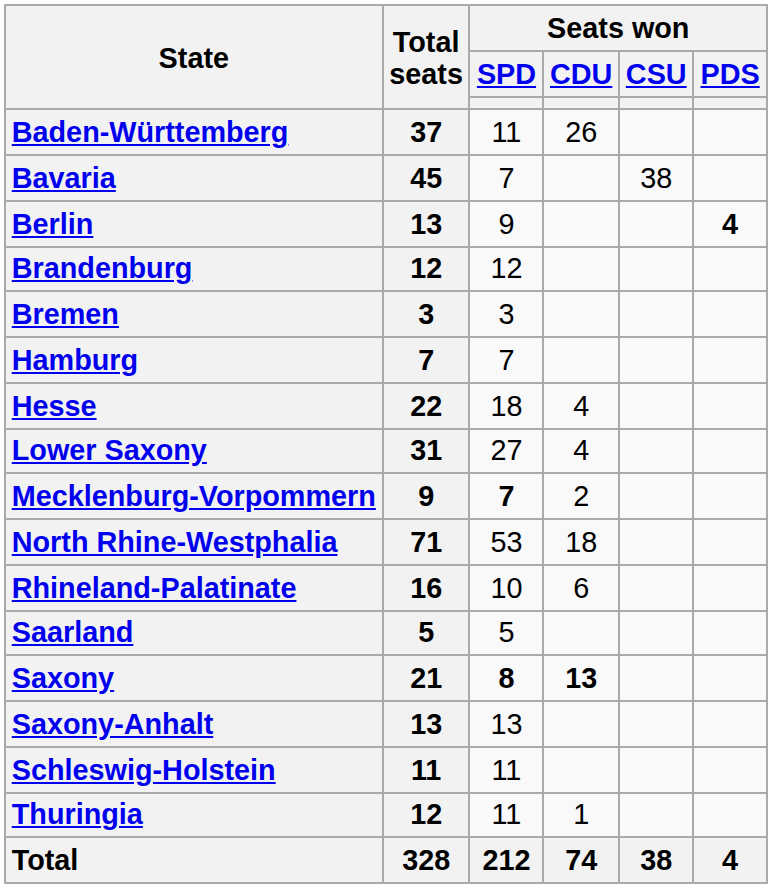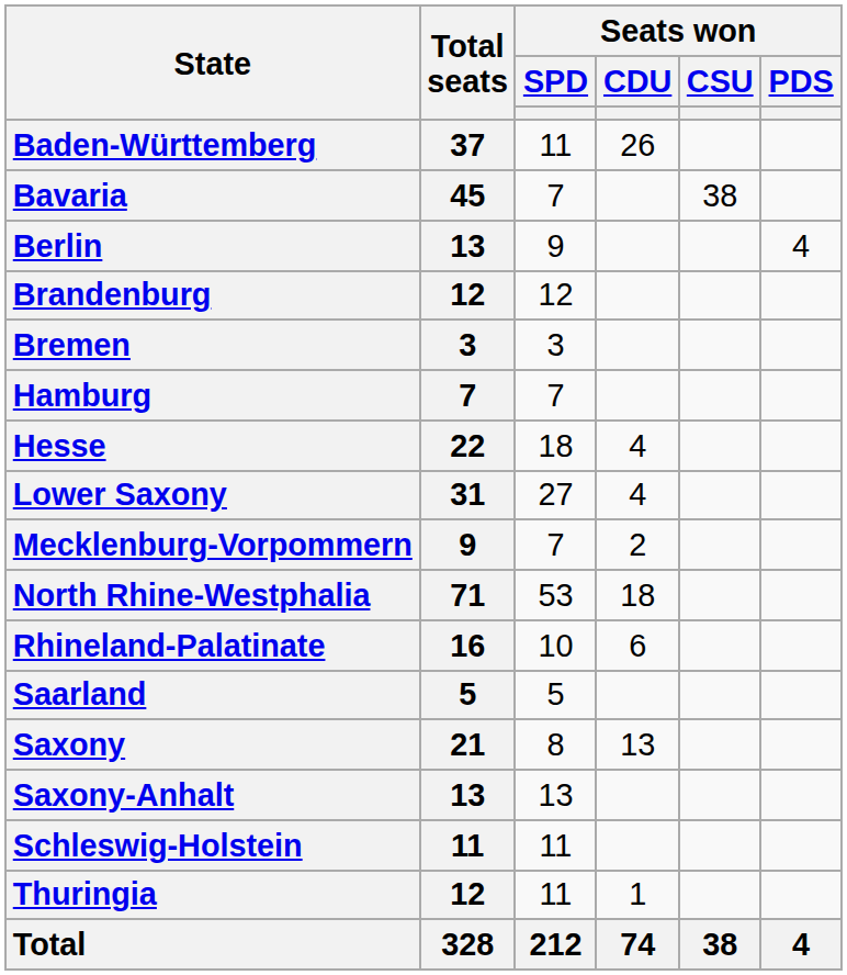 <table class="wikitable" style="text-align:center; font-size: 0.9em;">
 <tr>
 <th rowspan="3">State</th>
 <th rowspan="3">Total<br>seats</th>
 <th colspan="4">Seats won</th>
 </tr>
 <tr>
 <th class="unsortable" style="width:30px;"><a href='#'>SPD</a></th>
 <th class="unsortable" style="width:30px;"><a href='#'>CDU</a></th>
 <th class="unsortable" style="width:30px;"><a href='#'>CSU</a></th>
 <th class="unsortable" style="width:30px;"><a href='#'>PDS</a></th>
 </tr>
 <tr>
 <th style="background:"></th>
 <th style="background:"></th>
 <th style="background:"></th>
 <th style="background:"></th>
 </tr>
 <tr>
 <th style="text-align: left;"><a href='#'>Baden-Württemberg</a></th>
 <th>37</th>
 <td>11</td>
 <td>26</td>
 <td></td>
 <td></td>
 </tr>
 <tr>
 <th style="text-align: left;"><a href='#'>Bavaria</a></th>
 <th>45</th>
 <td>7</td>
 <td></td>
 <td>38</td>
 <td></td>
 </tr>
 <tr>
 <th style="text-align: left;"><a href='#'>Berlin</a></th>
 <th>13</th>
 <td>9</td>
 <td></td>
 <td></td>
-<td><strong>4</strong></td>
+<td>4</td>
 </tr>
 <tr>
 <th style="text-align: left;"><a href='#'>Brandenburg</a></th>
 <th>12</th>
 <td>12</td>
 <td></td>
 <td></td>
 <td></td>
 </tr>
 <tr>
 <th style="text-align: left;"><a href='#'>Bremen</a></th>
 <th>3</th>
 <td>3</td>
 <td></td>
 <td></td>
 <td></td>
 </tr>
 <tr>
 <th style="text-align: left;"><a href='#'>Hamburg</a></th>
 <th>7</th>
 <td>7</td>
 <td></td>
 <td></td>
 <td></td>
 </tr>
 <tr>
 <th style="text-align: left;"><a href='#'>Hesse</a></th>
 <th>22</th>
 <td>18</td>
 <td>4</td>
 <td></td>
 <td></td>
 </tr>
 <tr>
 <th style="text-align: left;"><a href='#'>Lower Saxony</a></th>
 <th>31</th>
 <td>27</td>
 <td>4</td>
 <td></td>
 <td></td>
 </tr>
 <tr>
 <th style="text-align: left;"><a href='#'>Mecklenburg-Vorpommern</a></th>
 <th>9</th>
-<td><strong>7</strong></td>
+<td>7</td>
 <td>2</td>
 <td></td>
 <td></td>
 </tr>
 <tr>
 <th style="text-align: left;"><a href='#'>North Rhine-Westphalia</a></th>
 <th>71</th>
 <td>53</td>
 <td>18</td>
 <td></td>
 <td></td>
 </tr>
 <tr>
 <th style="text-align: left;"><a href='#'>Rhineland-Palatinate</a></th>
 <th>16</th>
 <td>10</td>
 <td>6</td>
 <td></td>
 <td></td>
 </tr>
 <tr>
 <th style="text-align: left;"><a href='#'>Saarland</a></th>
 <th>5</th>
 <td>5</td>
 <td></td>
 <td></td>
 <td></td>
 </tr>
 <tr>
 <th style="text-align: left;"><a href='#'>Saxony</a></th>
 <th>21</th>
-<td><strong>8</strong></td>
-<td><strong>13</strong></td>
+<td>8</td>
+<td>13</td>
 <td></td>
 <td></td>
 </tr>
 <tr>
 <th style="text-align: left;"><a href='#'>Saxony-Anhalt</a></th>
 <th>13</th>
 <td>13</td>
 <td></td>
 <td></td>
 <td></td>
 </tr>
 <tr>
 <th style="text-align: left;"><a href='#'>Schleswig-Holstein</a></th>
 <th>11</th>
 <td>11</td>
 <td></td>
 <td></td>
 <td></td>
 </tr>
 <tr>
 <th style="text-align: left;"><a href='#'>Thuringia</a></th>
 <th>12</th>
 <td>11</td>
 <td>1</td>
 <td></td>
 <td></td>
 </tr>
 <tr class="sortbottom">
 <th style="text-align: left;">Total</th>
 <th>328</th>
 <th>212</th>
 <th>74</th>
 <th>38</th>
 <th>4</th>
 </tr>
 </table>
